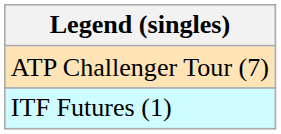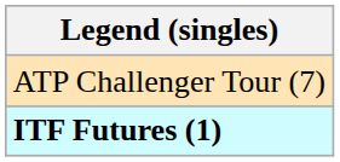 <table class=wikitable>
 <tr>
 <th>Legend (singles)</th>
 </tr>
 <tr bgcolor=moccasin>
 <td>ATP Challenger Tour (7)</td>
 </tr>
 <tr bgcolor=CFFCFF>
-<td>ITF Futures (1)</td>
+<td><strong>ITF Futures (1)</strong></td>
 </tr>
 </table>
